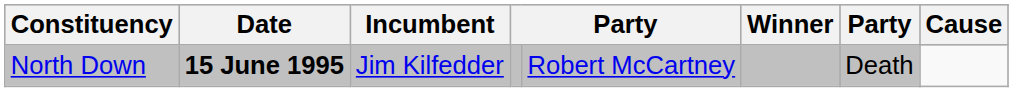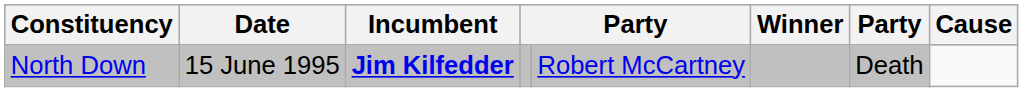 <table class="wikitable">
 <tr>
 <th>Constituency</th>
 <th>Date</th>
 <th>Incumbent</th>
 <th colspan=2>Party</th>
 <th>Winner</th>
 <th colspan=2>Party</th>
 <th>Cause</th>
 </tr>
 <tr bgcolor="#c0c0c0">
 <td><a href='#'>North Down</a></td>
-<td><strong>15 June 1995</strong></td>
-<td><a href='#'>Jim Kilfedder</a></td>
+<td>15 June 1995</td>
+<td><strong><a href='#'>Jim Kilfedder</a></strong></td>
 <td></td>
 <td><a href='#'>Robert McCartney</a></td>
 <td></td>
 <td>Death</td>
 </tr>
 </table>
